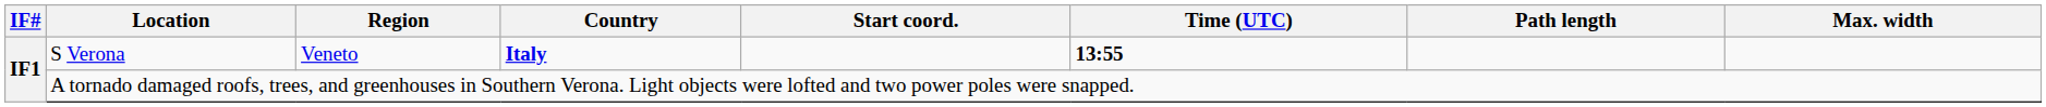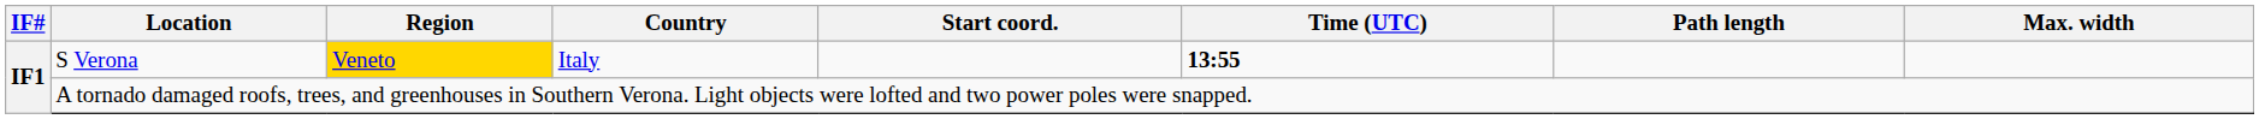 <table class="wikitable sortable" style="width:100%;">
 <tr>
 <th scope="col" width="2%" align="center"><a href='#'>IF#</a></th>
 <th scope="col" align="center" class="unsortable">Location</th>
 <th scope="col" align="center" class="unsortable">Region</th>
 <th scope="col" align="center">Country</th>
 <th scope="col" align="center">Start coord.</th>
 <th scope="col" align="center">Time (<a href='#'>UTC</a>)</th>
 <th scope="col" align="center">Path length</th>
 <th scope="col" align="center">Max. width</th>
 </tr>
 <tr>
 <th scope="row" rowspan="2" style="background-color:#">IF1</th>
 <td>S <a href='#'>Verona</a></td>
-<td><a href='#'>Veneto</a></td>
-<td><strong><a href='#'>Italy</a></strong></td>
+<td style="background: gold;"><a href='#'>Veneto</a></td>
+<td><a href='#'>Italy</a></td>
 <td></td>
 <td><strong>13:55</strong></td>
 <td></td>
 <td></td>
 </tr>
 <tr class="expand-child">
 <td colspan="8" style=" border-bottom: 1px solid black;">A tornado damaged roofs, trees, and greenhouses in Southern Verona. Light objects were lofted and two power poles were snapped.</td>
 </tr>
 </table>
